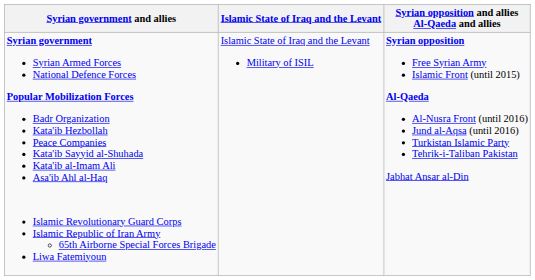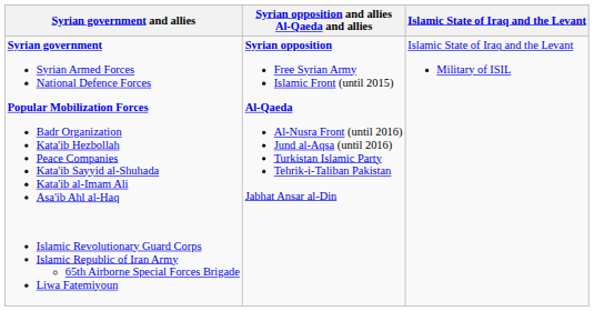 <table class="wikitable">
 <tr>
 <th> <a href='#'>Syrian government</a> and allies</th>
+<th> <a href='#'>Syrian opposition</a> and allies<br> <a href='#'>Al-Qaeda</a> and allies</th>
 <th> <a href='#'>Islamic State of Iraq and the Levant</a></th>
-<th> <a href='#'>Syrian opposition</a> and allies<br> <a href='#'>Al-Qaeda</a> and allies</th>
 </tr>
 <tr>
 <td valign=top> <strong><a href='#'>Syrian government</a></strong><br><ul><li> <a href='#'>Syrian Armed Forces</a></li><li> <a href='#'>National Defence Forces</a></li></ul><strong><a href='#'>Popular Mobilization Forces</a></strong><ul><li> <a href='#'>Badr Organization</a></li><li> <a href='#'>Kata'ib Hezbollah</a></li><li><a href='#'>Peace Companies</a></li><li><a href='#'>Kata'ib Sayyid al-Shuhada</a></li><li><a href='#'>Kata'ib al-Imam Ali</a></li><li><a href='#'>Asa'ib Ahl al-Haq</a></li></ul> <br><ul><li> <a href='#'>Islamic Revolutionary Guard Corps</a></li><li> <a href='#'>Islamic Republic of Iran Army</a><ul><li><a href='#'>65th Airborne Special Forces Brigade</a></li></ul></li><li><a href='#'>Liwa Fatemiyoun</a></li></ul></td>
+<td valign=top> <strong><a href='#'>Syrian opposition</a></strong><br><ul><li> <a href='#'>Free Syrian Army</a></li><li> <a href='#'>Islamic Front</a> (until 2015)</li></ul> <strong><a href='#'>Al-Qaeda</a></strong><ul><li> <a href='#'>Al-Nusra Front</a> (until 2016)</li><li> <a href='#'>Jund al-Aqsa</a> (until 2016)</li><li> <a href='#'>Turkistan Islamic Party</a></li><li> <a href='#'>Tehrik-i-Taliban Pakistan</a></li></ul> <a href='#'>Jabhat Ansar al-Din</a></td>
 <td valign=top> <a href='#'>Islamic State of Iraq and the Levant</a><br><ul><li> <a href='#'>Military of ISIL</a></li></ul></td>
-<td valign=top> <strong><a href='#'>Syrian opposition</a></strong><br><ul><li> <a href='#'>Free Syrian Army</a></li><li> <a href='#'>Islamic Front</a> (until 2015)</li></ul> <strong><a href='#'>Al-Qaeda</a></strong><ul><li> <a href='#'>Al-Nusra Front</a> (until 2016)</li><li> <a href='#'>Jund al-Aqsa</a> (until 2016)</li><li> <a href='#'>Turkistan Islamic Party</a></li><li> <a href='#'>Tehrik-i-Taliban Pakistan</a></li></ul> <a href='#'>Jabhat Ansar al-Din</a></td>
 </tr>
 </table>
